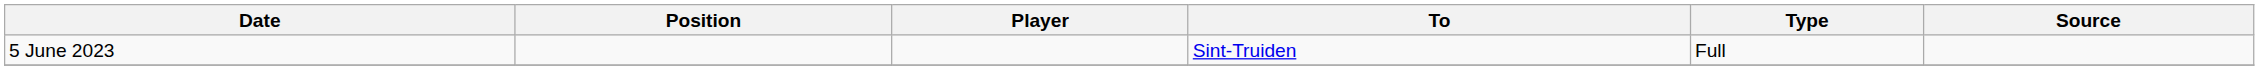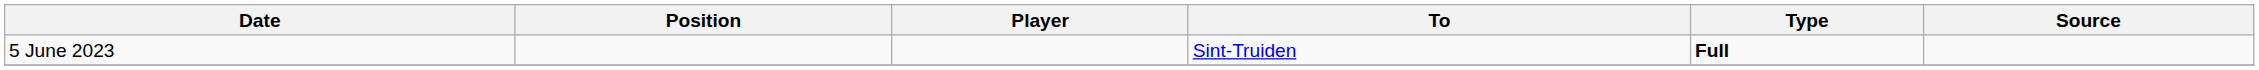 <table class="wikitable sortable" style="width:90%; text-align:center; font-size:95%; text-align:left;">
 <tr>
 <th>Date</th>
 <th>Position</th>
 <th>Player</th>
 <th>To</th>
 <th>Type</th>
 <th>Source</th>
 </tr>
 <tr>
 <td>5 June 2023</td>
 <td></td>
 <td></td>
 <td> <a href='#'>Sint-Truiden</a></td>
-<td>Full</td>
+<td><strong>Full</strong></td>
 <td></td>
 </tr>
 <tr>
 </tr>
 </table>
